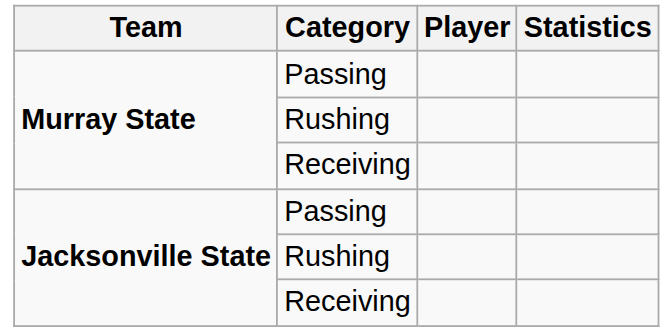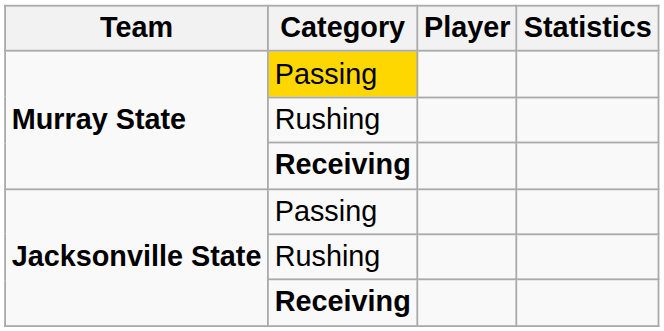 <table class="wikitable" style="float: right;">
 <tr>
 <th>Team</th>
 <th>Category</th>
 <th>Player</th>
 <th>Statistics</th>
 </tr>
 <tr>
 <td rowspan=3><strong>Murray State</strong></td>
-<td>Passing</td>
+<td style="background: gold;">Passing</td>
 <td></td>
 <td></td>
 </tr>
 <tr>
 <td>Rushing</td>
 <td></td>
 <td></td>
 </tr>
 <tr>
-<td>Receiving</td>
+<td><strong>Receiving</strong></td>
 <td></td>
 <td></td>
 </tr>
 <tr>
 <td rowspan=3><strong>Jacksonville State</strong></td>
 <td>Passing</td>
 <td></td>
 <td></td>
 </tr>
 <tr>
 <td>Rushing</td>
 <td></td>
 <td></td>
 </tr>
 <tr>
-<td>Receiving</td>
+<td><strong>Receiving</strong></td>
 <td></td>
 <td></td>
 </tr>
 </table>
